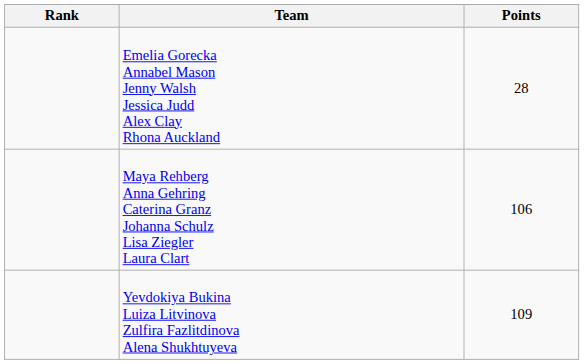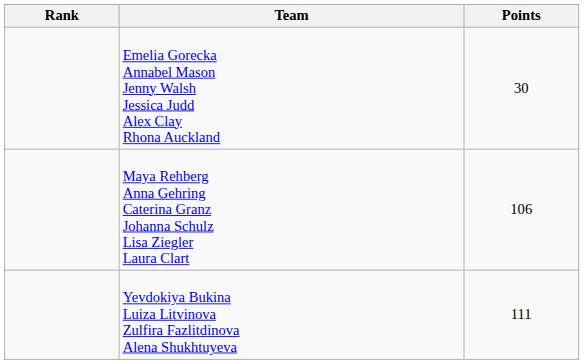 <table class="wikitable" style="width:50%;">
 <tr>
 </tr>
 <tr>
 <th width=10%>Rank</th>
 <th width=30%>Team</th>
 <th width=10%>Points</th>
 </tr>
 <tr style="text-align:center;">
 <td></td>
 <td style="text-align:left;"><br><a href='#'>Emelia Gorecka</a><br><a href='#'>Annabel Mason</a><br><a href='#'>Jenny Walsh</a><br><a href='#'>Jessica Judd</a><br><a href='#'>Alex Clay</a><br><a href='#'>Rhona Auckland</a></td>
-<td>28</td>
+<td>30</td>
 </tr>
 <tr style="text-align:center;">
 <td></td>
 <td style="text-align:left;"><br><a href='#'>Maya Rehberg</a><br><a href='#'>Anna Gehring</a><br><a href='#'>Caterina Granz</a><br><a href='#'>Johanna Schulz</a><br><a href='#'>Lisa Ziegler</a><br><a href='#'>Laura Clart</a></td>
 <td>106</td>
 </tr>
 <tr style="text-align:center;">
 <td></td>
 <td style="text-align:left;"><br><a href='#'>Yevdokiya Bukina</a><br><a href='#'>Luiza Litvinova</a><br><a href='#'>Zulfira Fazlitdinova</a><br><a href='#'>Alena Shukhtuyeva</a></td>
-<td>109</td>
+<td>111</td>
 </tr>
 </table>
